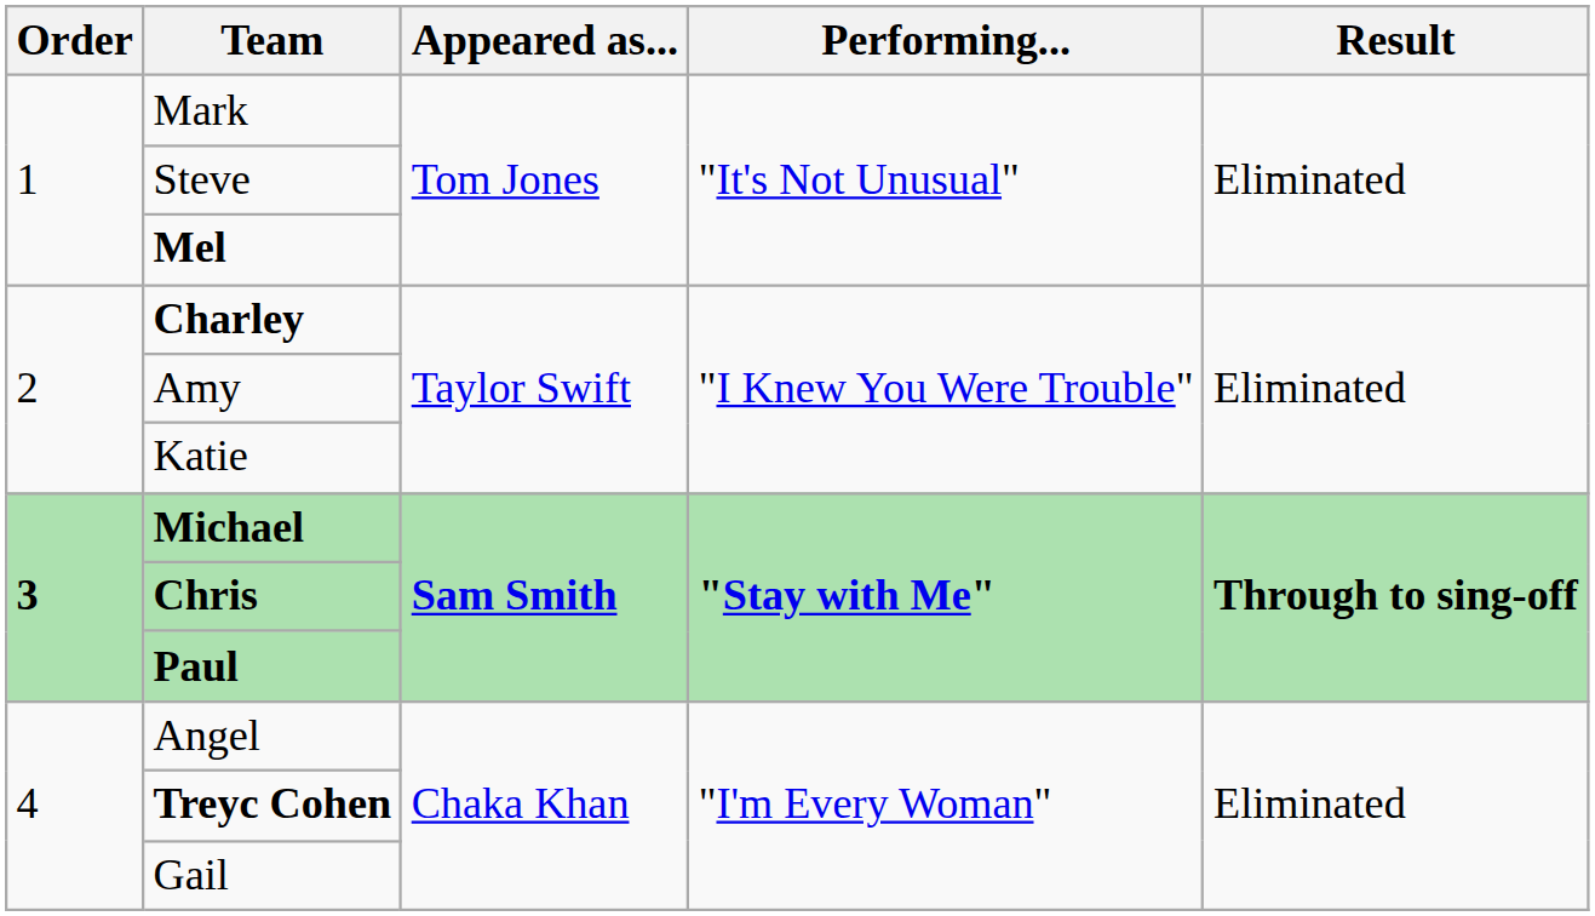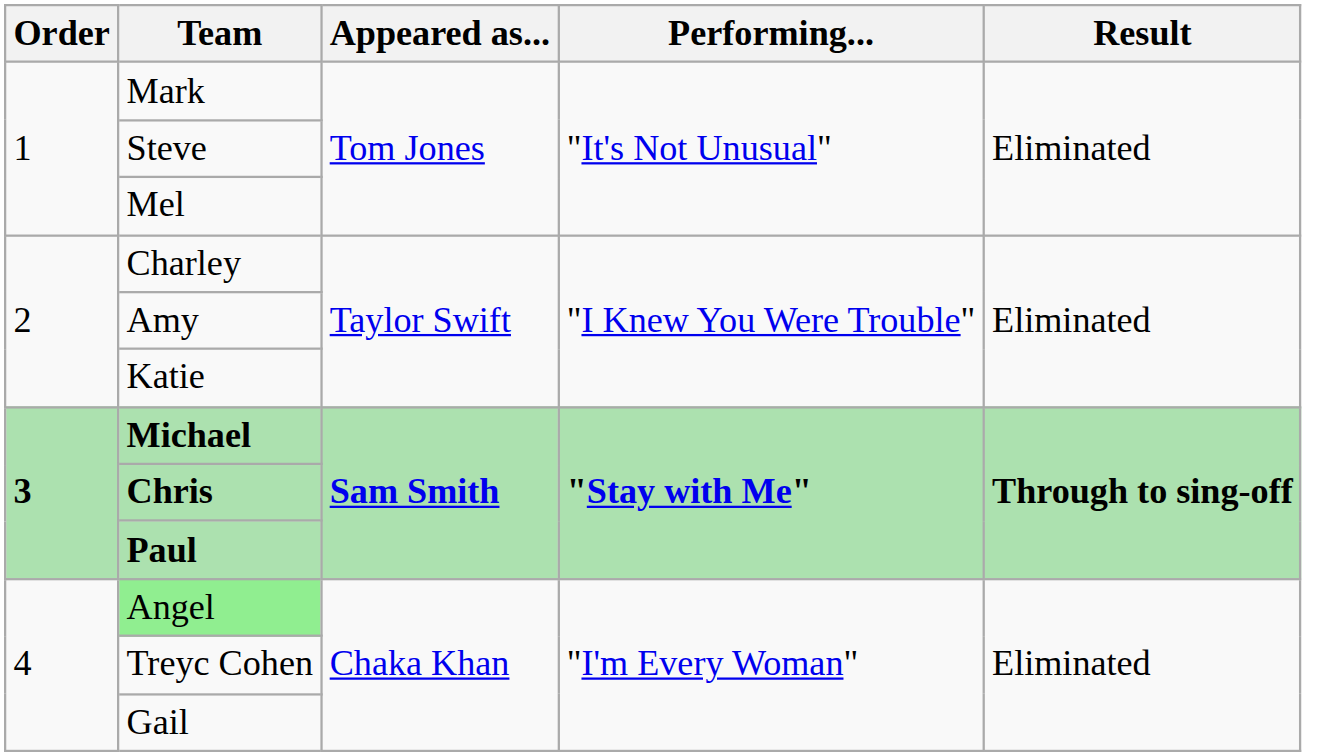 <table class="wikitable">
 <tr>
 <th>Order</th>
 <th>Team</th>
 <th>Appeared as...</th>
 <th>Performing...</th>
 <th>Result</th>
 </tr>
 <tr>
 <td rowspan="3">1</td>
 <td>Mark</td>
 <td rowspan="3"><a href='#'>Tom Jones</a></td>
 <td rowspan="3">"<a href='#'>It's Not Unusual</a>"</td>
 <td rowspan="3">Eliminated</td>
 </tr>
 <tr>
 <td>Steve</td>
 </tr>
 <tr>
-<td><strong>Mel</strong></td>
+<td>Mel</td>
 </tr>
 <tr>
 <td rowspan="3">2</td>
-<td><strong>Charley</strong></td>
+<td>Charley</td>
 <td rowspan="3"><a href='#'>Taylor Swift</a></td>
 <td rowspan="3">"<a href='#'>I Knew You Were Trouble</a>"</td>
 <td rowspan="3">Eliminated</td>
 </tr>
 <tr>
 <td>Amy</td>
 </tr>
 <tr>
 <td>Katie</td>
 </tr>
 <tr style="background:#ACE1AF;">
 <td rowspan="3"><strong>3</strong></td>
 <td><strong>Michael</strong></td>
 <td rowspan="3"><strong><a href='#'>Sam Smith</a></strong></td>
 <td rowspan="3"><strong>"<a href='#'>Stay with Me</a>"</strong></td>
 <td rowspan="3"><strong>Through to sing-off</strong></td>
 </tr>
 <tr>
 <td style="background:#ACE1AF;"><strong>Chris</strong></td>
 </tr>
 <tr>
 <td style="background:#ACE1AF;"><strong>Paul</strong></td>
 </tr>
 <tr>
 <td rowspan="3">4</td>
-<td>Angel</td>
+<td style="background: lightgreen;">Angel</td>
 <td rowspan="3"><a href='#'>Chaka Khan</a></td>
 <td rowspan="3">"<a href='#'>I'm Every Woman</a>"</td>
 <td rowspan="3">Eliminated</td>
 </tr>
 <tr>
-<td><strong>Treyc Cohen</strong></td>
+<td>Treyc Cohen</td>
 </tr>
 <tr>
 <td>Gail</td>
 </tr>
 </table>
